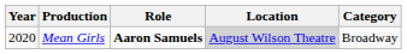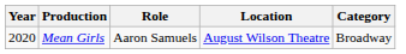 <table class="wikitable sortable">
 <tr>
 <th>Year</th>
 <th>Production</th>
 <th>Role</th>
 <th>Location</th>
 <th>Category</th>
 </tr>
 <tr>
 <td>2020</td>
 <td><em><a href='#'>Mean Girls</a></em></td>
-<td><strong>Aaron Samuels</strong></td>
-<td style="background: lightgrey;"><a href='#'>August Wilson Theatre</a></td>
+<td>Aaron Samuels</td>
+<td><a href='#'>August Wilson Theatre</a></td>
 <td>Broadway</td>
 </tr>
 </table>
